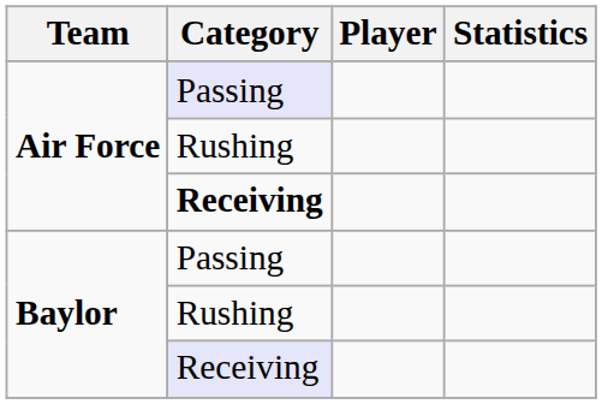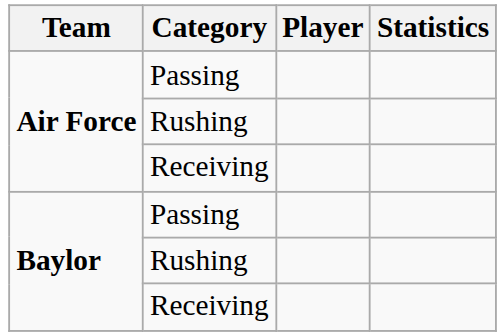 <table class="wikitable" style="float: right;">
 <tr>
 <th>Team</th>
 <th>Category</th>
 <th>Player</th>
 <th>Statistics</th>
 </tr>
 <tr>
 <td rowspan=3><strong>Air Force</strong></td>
-<td style="background: lavender;">Passing</td>
+<td>Passing</td>
 <td></td>
 <td></td>
 </tr>
 <tr>
 <td>Rushing</td>
 <td></td>
 <td></td>
 </tr>
 <tr>
-<td><strong>Receiving</strong></td>
+<td>Receiving</td>
 <td></td>
 <td></td>
 </tr>
 <tr>
 <td rowspan=3><strong>Baylor</strong></td>
 <td>Passing</td>
 <td></td>
 <td></td>
 </tr>
 <tr>
 <td>Rushing</td>
 <td></td>
 <td></td>
 </tr>
 <tr>
-<td style="background: lavender;">Receiving</td>
+<td>Receiving</td>
 <td></td>
 <td></td>
 </tr>
 </table>
